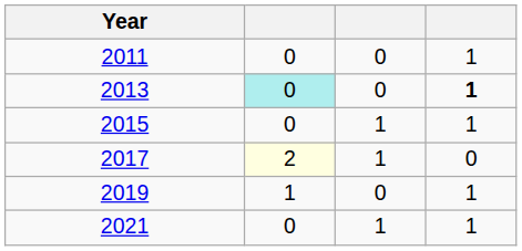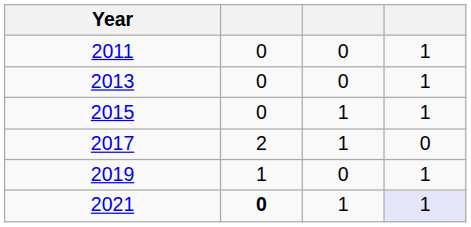 <table class="wikitable" width=30% style="font-size:100%; text-align:center;">
 <tr>
 <th>Year</th>
 <th></th>
 <th></th>
 <th></th>
 </tr>
 <tr>
 <td><a href='#'>2011</a></td>
 <td>0</td>
 <td>0</td>
 <td>1</td>
 </tr>
 <tr>
 <td><a href='#'>2013</a></td>
-<td style="background: paleturquoise;">0</td>
 <td>0</td>
-<td><strong>1</strong></td>
+<td>0</td>
+<td>1</td>
 </tr>
 <tr>
 <td><a href='#'>2015</a></td>
 <td>0</td>
 <td>1</td>
 <td>1</td>
 </tr>
 <tr>
 <td><a href='#'>2017</a></td>
-<td style="background: lightyellow;">2</td>
+<td>2</td>
 <td>1</td>
 <td>0</td>
 </tr>
 <tr>
 <td><a href='#'>2019</a></td>
 <td>1</td>
 <td>0</td>
 <td>1</td>
 </tr>
 <tr>
 <td><a href='#'>2021</a></td>
-<td>0</td>
+<td><strong>0</strong></td>
 <td>1</td>
-<td>1</td>
+<td style="background: lavender;">1</td>
 </tr>
 </table>
